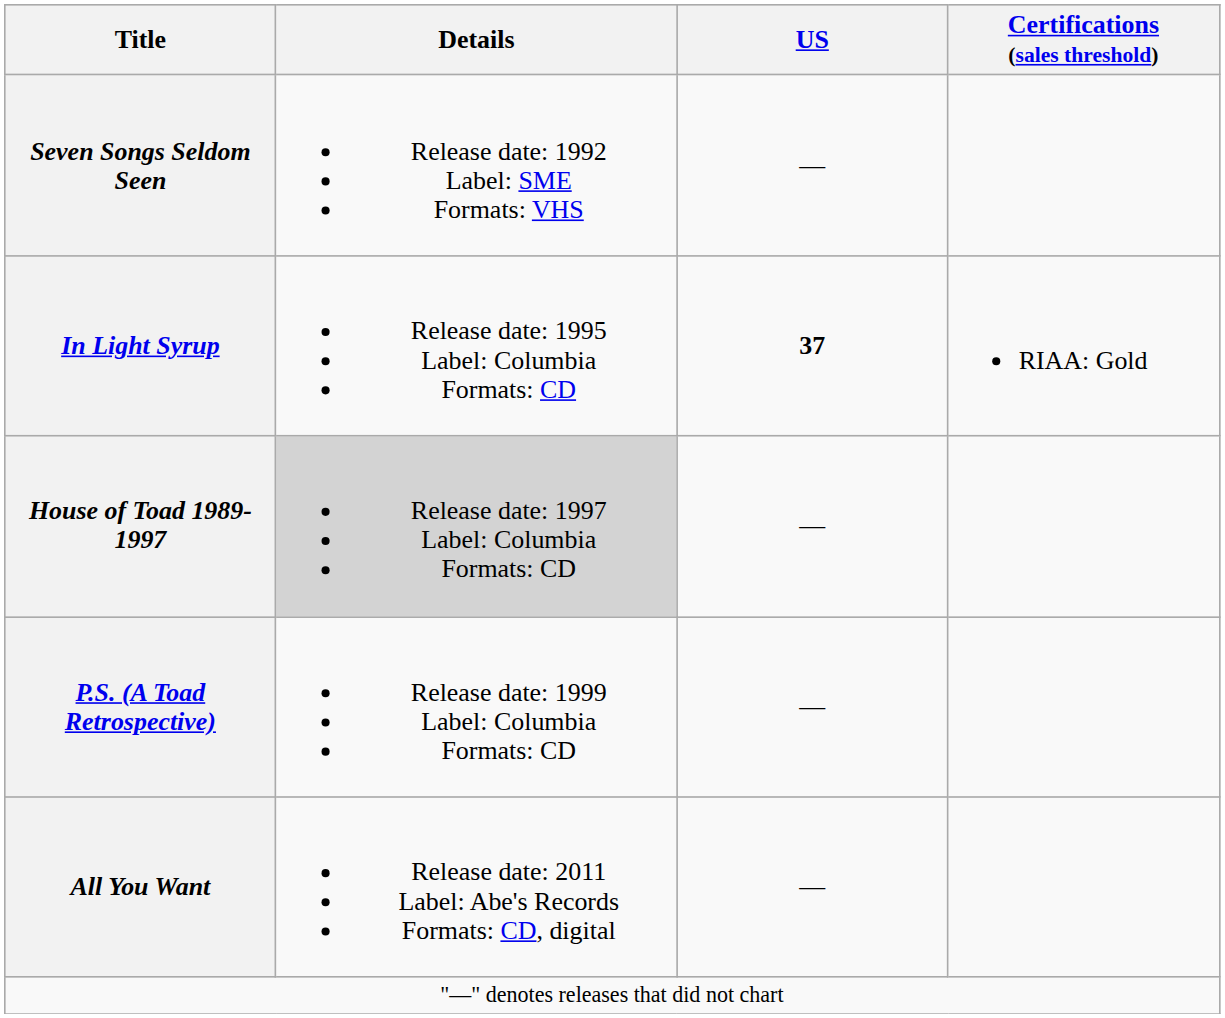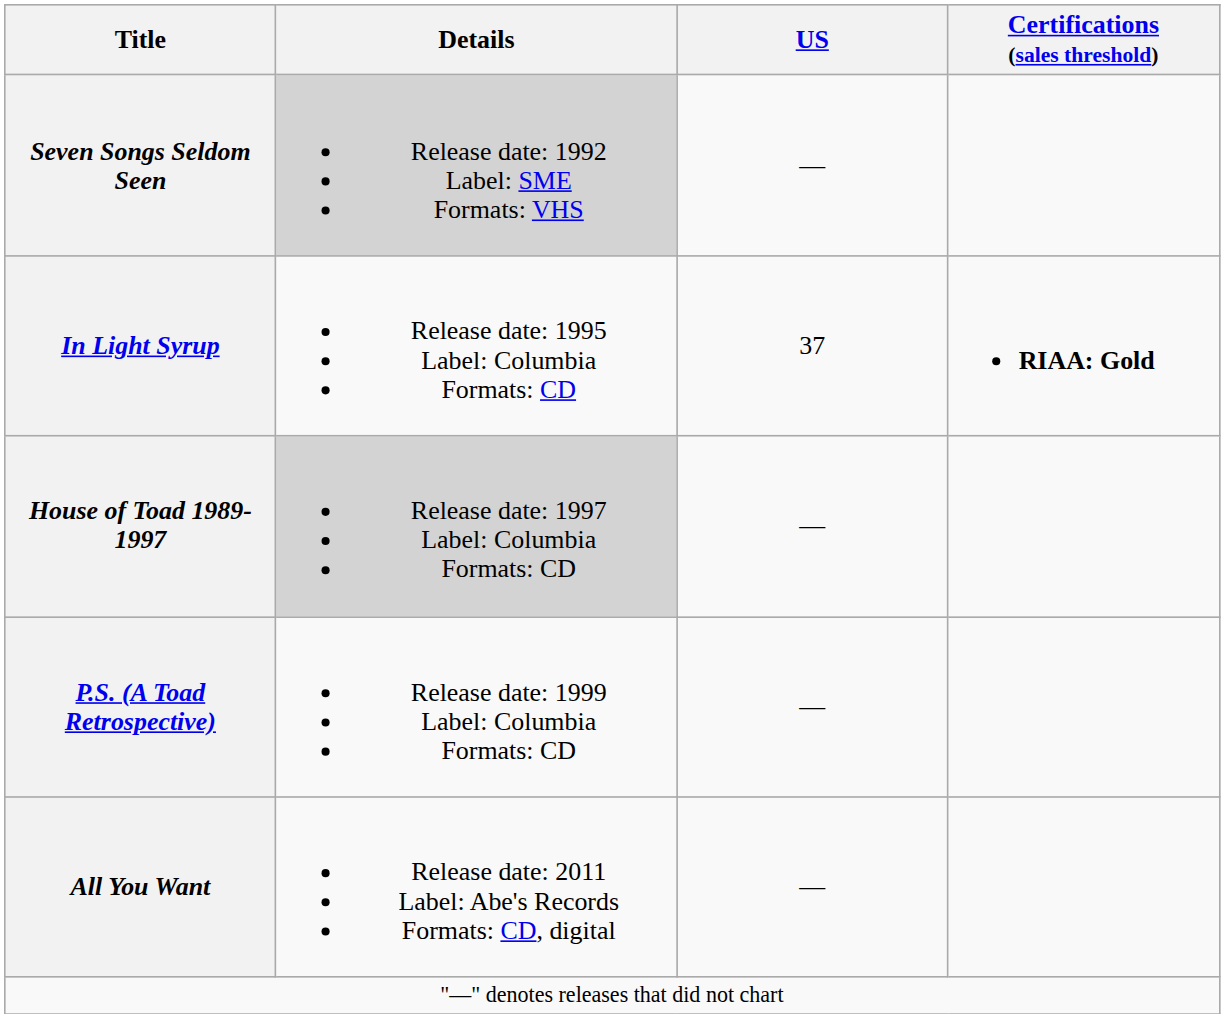 <table class="wikitable plainrowheaders" style="text-align:center;">
 <tr>
 <th style="width:10em;">Title</th>
 <th style="width:15em;">Details</th>
 <th style="width:10em;"><a href='#'>US</a><br></th>
 <th style="width:10em;"><a href='#'>Certifications</a><br><small>(<a href='#'>sales threshold</a>)</small></th>
 </tr>
 <tr>
 <th scope="row"><em>Seven Songs Seldom Seen</em></th>
-<td><br><ul><li>Release date: 1992</li><li>Label: <a href='#'>SME</a></li><li>Formats: <a href='#'>VHS</a></li></ul></td>
+<td style="background: lightgrey;"><br><ul><li>Release date: 1992</li><li>Label: <a href='#'>SME</a></li><li>Formats: <a href='#'>VHS</a></li></ul></td>
 <td>—</td>
 <td></td>
 </tr>
 <tr>
 <th scope="row"><em><a href='#'>In Light Syrup</a></em></th>
 <td><br><ul><li>Release date: 1995</li><li>Label: Columbia</li><li>Formats: <a href='#'>CD</a></li></ul></td>
-<td><strong>37</strong></td>
-<td style="text-align:left;"><br><ul><li>RIAA: Gold</li></ul></td>
+<td>37</td>
+<td style="text-align:left;"><strong><br><ul><li>RIAA: Gold</li></ul></strong></td>
 </tr>
 <tr>
 <th scope="row"><em>House of Toad 1989-1997</em></th>
 <td style="background: lightgrey;"><br><ul><li>Release date: 1997</li><li>Label: Columbia</li><li>Formats: CD</li></ul></td>
 <td>—</td>
 <td></td>
 </tr>
 <tr>
 <th scope="row"><em><a href='#'>P.S. (A Toad Retrospective)</a></em></th>
 <td><br><ul><li>Release date: 1999</li><li>Label: Columbia</li><li>Formats: CD</li></ul></td>
 <td>—</td>
 <td></td>
 </tr>
 <tr>
 <th scope="row"><em>All You Want</em></th>
 <td><br><ul><li>Release date: 2011</li><li>Label: Abe's Records</li><li>Formats: <a href='#'>CD</a>, digital</li></ul></td>
 <td>—</td>
 <td></td>
 </tr>
 <tr>
 <td colspan="15" style="font-size:85%">"—" denotes releases that did not chart</td>
 </tr>
 </table>
